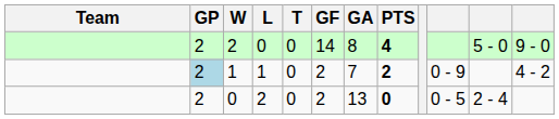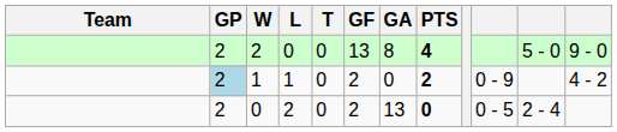 <table class="wikitable">
 <tr>
 <th width=165>Team</th>
 <th width=20>GP</th>
 <th width=20>W</th>
 <th width=20>L</th>
 <th width=20>T</th>
 <th width=20>GF</th>
 <th width=20>GA</th>
 <th width=20>PTS</th>
 <th rowspan=10></th>
 <th></th>
 <th></th>
 <th></th>
 </tr>
 <tr bgcolor="#ccffcc">
 <td style="text-align:left;"></td>
 <td>2</td>
 <td>2</td>
 <td>0</td>
 <td>0</td>
-<td>14</td>
+<td>13</td>
 <td>8</td>
 <td><strong>4</strong></td>
 <td></td>
 <td>5 - 0</td>
 <td>9 - 0</td>
 </tr>
 <tr>
 <td style="text-align:left;"></td>
 <td style="background: lightblue;">2</td>
 <td>1</td>
 <td>1</td>
 <td>0</td>
 <td>2</td>
-<td>7</td>
+<td>0</td>
 <td><strong>2</strong></td>
 <td>0 - 9</td>
 <td></td>
 <td>4 - 2</td>
 </tr>
 <tr>
 <td style="text-align:left;"></td>
 <td>2</td>
 <td>0</td>
 <td>2</td>
 <td>0</td>
 <td>2</td>
 <td>13</td>
 <td><strong>0</strong></td>
 <td>0 - 5</td>
 <td>2 - 4</td>
 <td></td>
 </tr>
 </table>
